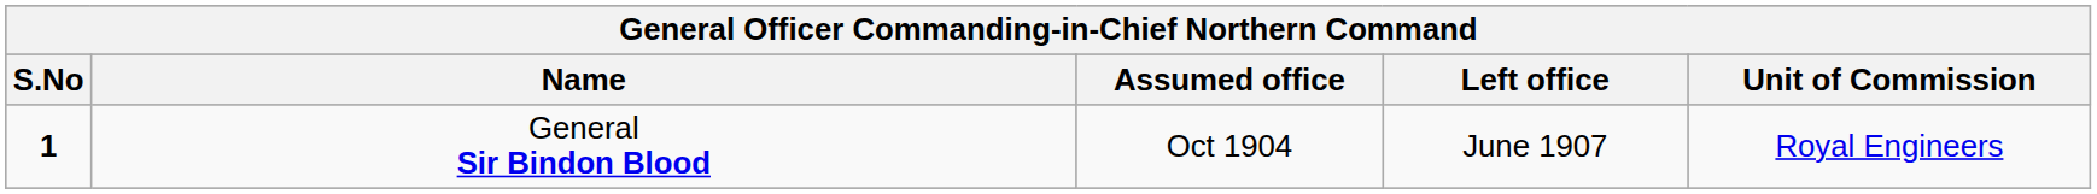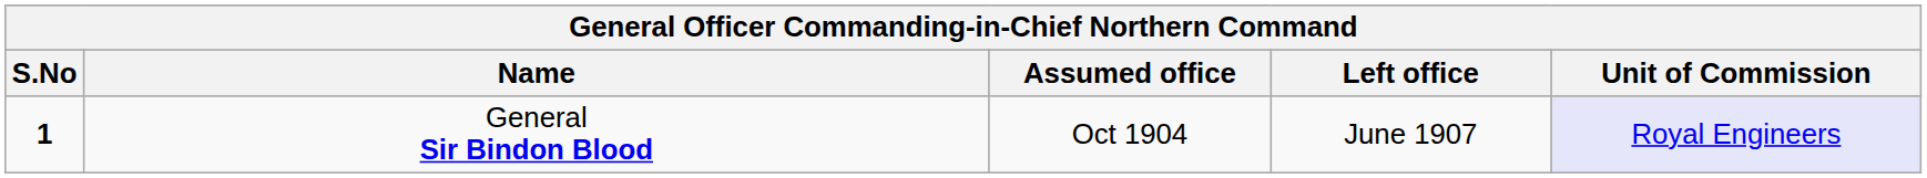 <table class="wikitable" style="text-align:center">
 <tr style="background:#cccccc">
 <th colspan="5"><strong>General Officer Commanding-in-Chief Northern Command</strong></th>
 </tr>
 <tr style="background:#cccccc">
 <th scope="col" style="width: 20px;">S.No</th>
 <th scope="col" style="width: 500px;">Name</th>
 <th scope="col" style="width: 150px;">Assumed office</th>
 <th scope="col" style="width: 150px;">Left office</th>
 <th scope="col" style="width: 200px;">Unit of Commission</th>
 </tr>
 <tr>
 <td><strong>1</strong></td>
 <td>General<br><strong><a href='#'>Sir Bindon Blood</a> </strong></td>
 <td>Oct 1904</td>
 <td>June 1907</td>
-<td><a href='#'>Royal Engineers</a></td>
+<td style="background: lavender;"><a href='#'>Royal Engineers</a></td>
 </tr>
 </table>
